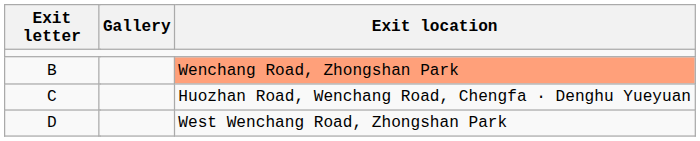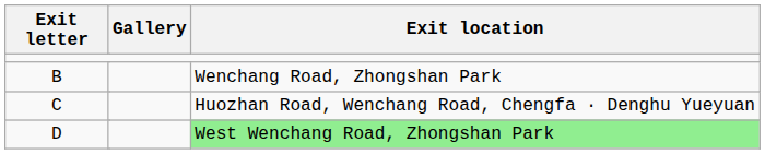 <table class="wikitable">
 <tr>
 <th style="width:70px" colspan=2>Exit letter</th>
 <th>Gallery</th>
 <th>Exit location</th>
 </tr>
 <tr style="background:#">
 <td colspan="4"></td>
 </tr>
 <tr>
 <td align=center colspan=2>B</td>
 <td></td>
-<td style="background: lightsalmon;">Wenchang Road, Zhongshan Park</td>
+<td>Wenchang Road, Zhongshan Park</td>
 </tr>
 <tr>
 <td align=center colspan=2>C</td>
 <td></td>
 <td>Huozhan Road, Wenchang Road, Chengfa · Denghu Yueyuan</td>
 </tr>
 <tr>
 <td align=center colspan=2>D</td>
 <td></td>
-<td>West Wenchang Road, Zhongshan Park</td>
+<td style="background: lightgreen;">West Wenchang Road, Zhongshan Park</td>
 </tr>
 </table>
